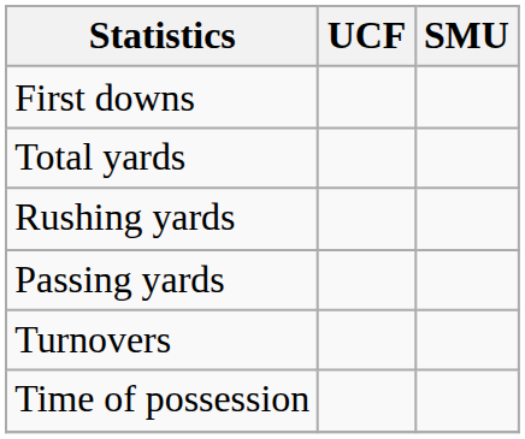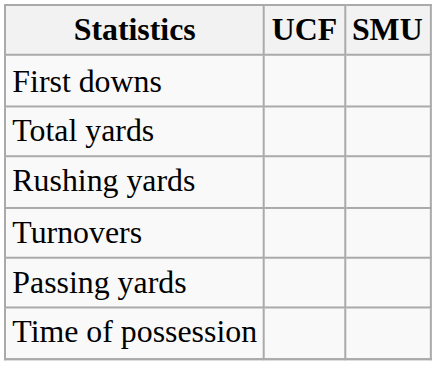 <table class="wikitable">
 <tr>
 <th>Statistics</th>
 <th>UCF</th>
 <th>SMU</th>
 </tr>
 <tr>
 <td>First downs</td>
 <td></td>
 <td></td>
 </tr>
 <tr>
 <td>Total yards</td>
 <td></td>
 <td></td>
 </tr>
 <tr>
 <td>Rushing yards</td>
 <td></td>
 <td></td>
 </tr>
 <tr>
-<td>Passing yards</td>
+<td>Turnovers</td>
 <td></td>
 <td></td>
 </tr>
 <tr>
-<td>Turnovers</td>
+<td>Passing yards</td>
 <td></td>
 <td></td>
 </tr>
 <tr>
 <td>Time of possession</td>
 <td></td>
 <td></td>
 </tr>
 <tr>
 </tr>
 </table>
